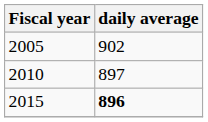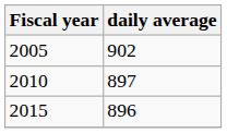 <table class="wikitable">
 <tr>
 <th>Fiscal year</th>
 <th>daily average</th>
 </tr>
 <tr>
 <td>2005</td>
 <td>902</td>
 </tr>
 <tr>
 <td>2010</td>
 <td>897</td>
 </tr>
 <tr>
 <td>2015</td>
-<td><strong>896</strong></td>
+<td>896</td>
 </tr>
 <tr>
 </tr>
 </table>
